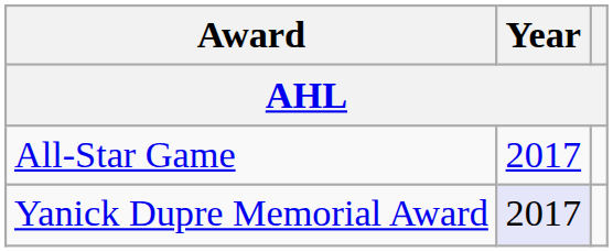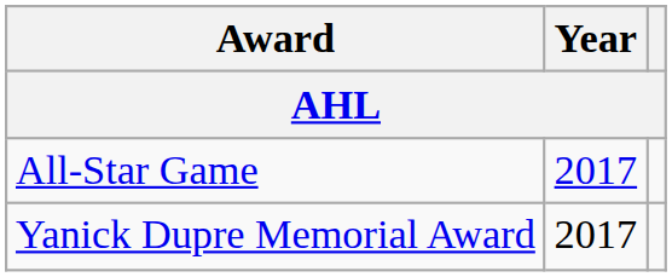 <table class="wikitable">
 <tr>
 <th>Award</th>
 <th>Year</th>
 <th></th>
 </tr>
 <tr>
 <th colspan="3"><a href='#'>AHL</a></th>
 </tr>
 <tr>
 <td><a href='#'>All-Star Game</a></td>
 <td><a href='#'>2017</a></td>
 <td></td>
 </tr>
 <tr>
 <td><a href='#'>Yanick Dupre Memorial Award</a></td>
-<td style="background: lavender;">2017</td>
+<td>2017</td>
 <td></td>
 </tr>
 </table>
